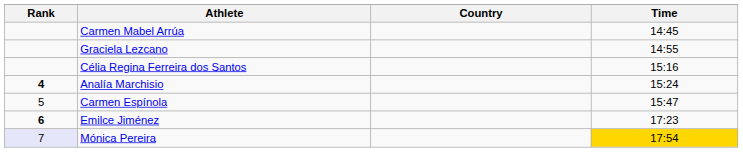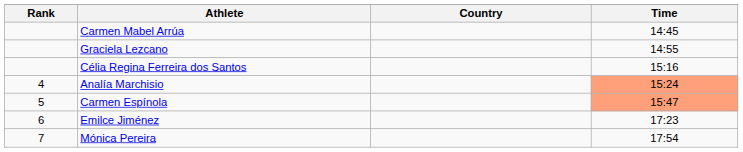 <table class="wikitable sortable" style=" text-align:center; font-size:95%;" width="50%">
 <tr>
 </tr>
 <tr>
 <th width=5%>Rank</th>
 <th width=20%>Athlete</th>
 <th width=15%>Country</th>
 <th width=10%>Time</th>
 </tr>
 <tr>
 <td align=center></td>
 <td align=left><a href='#'>Carmen Mabel Arrúa</a></td>
 <td align=left></td>
 <td>14:45</td>
 </tr>
 <tr>
 <td align=center></td>
 <td align=left><a href='#'>Graciela Lezcano</a></td>
 <td align=left></td>
 <td>14:55</td>
 </tr>
 <tr>
 <td align=center></td>
 <td align=left><a href='#'>Célia Regina Ferreira dos Santos</a></td>
 <td align=left></td>
 <td>15:16</td>
 </tr>
 <tr>
-<td align=center><strong>4</strong></td>
+<td align=center>4</td>
 <td align=left><a href='#'>Analía Marchisio</a></td>
 <td align=left></td>
-<td>15:24</td>
+<td style="background: lightsalmon;">15:24</td>
 </tr>
 <tr>
 <td align=center>5</td>
 <td align=left><a href='#'>Carmen Espínola</a></td>
 <td align=left></td>
-<td>15:47</td>
+<td style="background: lightsalmon;">15:47</td>
 </tr>
 <tr>
-<td align=center><strong>6</strong></td>
+<td align=center>6</td>
 <td align=left><a href='#'>Emilce Jiménez</a></td>
 <td align=left></td>
 <td>17:23</td>
 </tr>
 <tr>
-<td align=center style="background: lavender;">7</td>
+<td align=center>7</td>
 <td align=left><a href='#'>Mónica Pereira</a></td>
 <td align=left></td>
-<td style="background: gold;">17:54</td>
+<td>17:54</td>
 </tr>
 </table>
